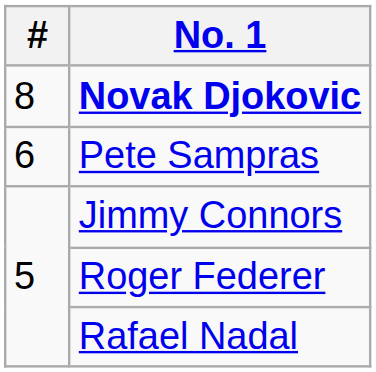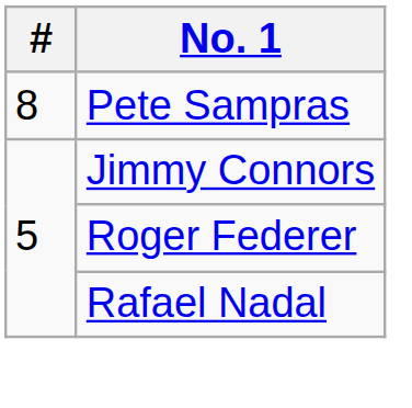 <table class="wikitable" style="display:inline-table;">
 <tr>
 <th width=20>#</th>
 <th><a href='#'>No. 1</a></th>
 </tr>
 <tr>
 <td>8</td>
-<td> <strong><a href='#'>Novak Djokovic</a></strong></td>
-</tr>
-<tr>
-<td>6</td>
 <td> <a href='#'>Pete Sampras</a></td>
 </tr>
 <tr>
 <td rowspan="3">5</td>
 <td> <a href='#'>Jimmy Connors</a></td>
 </tr>
 <tr>
 <td> <a href='#'>Roger Federer</a></td>
 </tr>
 <tr>
 <td> <a href='#'>Rafael Nadal</a></td>
 </tr>
 </table>
